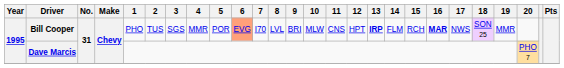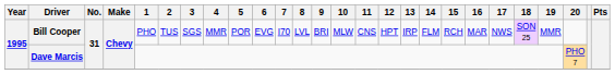 <table class="wikitable" style="text-align:center; font-size:75%">
 <tr>
 <th>Year</th>
 <th>Driver</th>
 <th>No.</th>
 <th>Make</th>
 <th>1</th>
 <th>2</th>
 <th>3</th>
 <th>4</th>
 <th>5</th>
 <th>6</th>
 <th>7</th>
 <th>8</th>
 <th>9</th>
 <th>10</th>
 <th>11</th>
 <th>12</th>
 <th>13</th>
 <th>14</th>
 <th>15</th>
 <th>16</th>
 <th>17</th>
 <th>18</th>
 <th>19</th>
 <th>20</th>
 <th></th>
 <th>Pts</th>
 </tr>
 <tr>
 <th rowspan=2><a href='#'>1995</a></th>
 <th>Bill Cooper</th>
 <th rowspan=2>31</th>
 <th rowspan=2><a href='#'>Chevy</a></th>
 <td><a href='#'>PHO</a></td>
 <td><a href='#'>TUS</a></td>
 <td><a href='#'>SGS</a></td>
 <td><a href='#'>MMR</a></td>
 <td><a href='#'>POR</a></td>
-<td style="background: lightsalmon;"><a href='#'>EVG</a></td>
+<td><a href='#'>EVG</a></td>
 <td><a href='#'>I70</a></td>
 <td><a href='#'>LVL</a></td>
 <td><a href='#'>BRI</a></td>
 <td><a href='#'>MLW</a></td>
 <td><a href='#'>CNS</a></td>
 <td><a href='#'>HPT</a></td>
-<td><strong><a href='#'>IRP</a></strong></td>
+<td><a href='#'>IRP</a></td>
 <td><a href='#'>FLM</a></td>
 <td><a href='#'>RCH</a></td>
-<td><strong><a href='#'>MAR</a></strong></td>
+<td><a href='#'>MAR</a></td>
 <td><a href='#'>NWS</a></td>
 <td style="background:#EFCFFF;"><a href='#'>SON</a><br><small>25</small></td>
 <td><a href='#'>MMR</a></td>
 <td></td>
 <th rowspan=2></th>
 <th rowspan=2></th>
 </tr>
 <tr>
 <th><a href='#'>Dave Marcis</a></th>
 <td colspan=19></td>
 <td style="background:#FFDF9F;"><a href='#'>PHO</a><br><small>7</small></td>
 </tr>
 <tr>
 </tr>
 </table>
